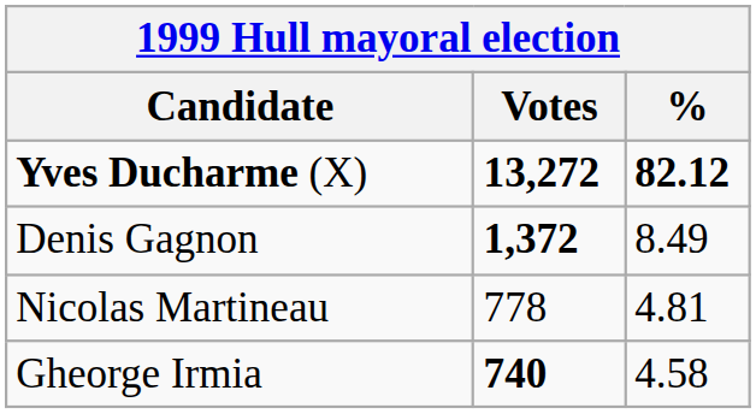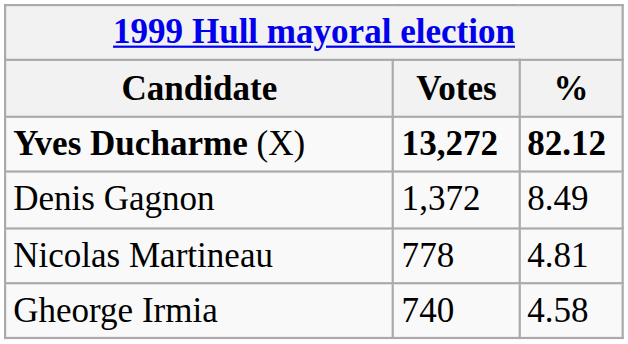 <table class="wikitable">
 <tr>
 <th colspan="3"><a href='#'>1999 Hull mayoral election</a></th>
 </tr>
 <tr>
 <th style="width: 170px">Candidate </th>
 <th style="width: 50px">Votes</th>
 <th style="width: 40px">%</th>
 </tr>
 <tr>
 <td><strong>Yves Ducharme</strong> (X)</td>
 <td><strong>13,272</strong></td>
 <td><strong>82.12</strong></td>
 </tr>
 <tr>
 <td>Denis Gagnon</td>
-<td><strong>1,372</strong></td>
+<td>1,372</td>
 <td>8.49</td>
 </tr>
 <tr>
 <td>Nicolas Martineau</td>
 <td>778</td>
 <td>4.81</td>
 </tr>
 <tr>
 <td>Gheorge Irmia</td>
-<td><strong>740</strong></td>
+<td>740</td>
 <td>4.58</td>
 </tr>
 </table>
